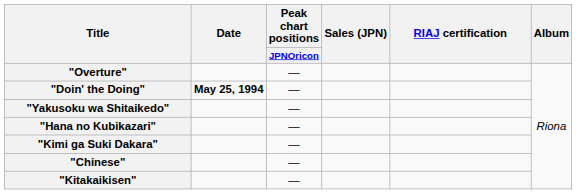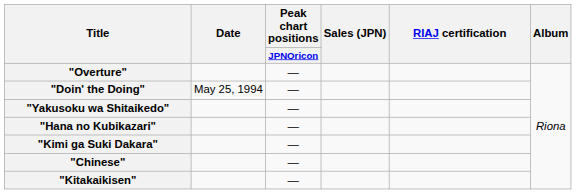 <table class="wikitable plainrowheaders" style="text-align:center;">
 <tr>
 <th rowspan="2" scope="col" style="width:16em;">Title</th>
 <th rowspan="2" scope="col">Date</th>
 <th colspan="1" scope="col">Peak chart positions</th>
 <th rowspan="2" scope="col">Sales (JPN)</th>
 <th rowspan="2" scope="col" style="width:12em;"><a href='#'>RIAJ</a> certification</th>
 <th rowspan="2" scope="col">Album</th>
 </tr>
 <tr>
 <th style="width:3em;font-size:85%"><a href='#'>JPNOricon</a></th>
 </tr>
 <tr>
 <th align="left" scope="row">"Overture"</th>
 <td></td>
 <td>—</td>
 <td></td>
 <td></td>
 <td rowspan="7"><em>Riona</em></td>
 </tr>
 <tr>
 <th align="left" scope="row">"Doin' the Doing"</th>
-<td><strong>May 25, 1994</strong></td>
+<td>May 25, 1994</td>
 <td>—</td>
 <td></td>
 <td></td>
 </tr>
 <tr>
 <th align="left" scope="row">"Yakusoku wa Shitaikedo"</th>
 <td></td>
 <td>—</td>
 <td></td>
 <td></td>
 </tr>
 <tr>
 <th align="left" scope="row">"Hana no Kubikazari"</th>
 <td></td>
 <td>—</td>
 <td></td>
 <td></td>
 </tr>
 <tr>
 <th align="left" scope="row">"Kimi ga Suki Dakara"</th>
 <td></td>
 <td>—</td>
 <td></td>
 <td></td>
 </tr>
 <tr>
 <th align="left" scope="row">"Chinese"</th>
 <td></td>
 <td>—</td>
 <td></td>
 <td></td>
 </tr>
 <tr>
 <th align="left" scope="row">"Kitakaikisen"</th>
 <td></td>
 <td>—</td>
 <td></td>
 <td></td>
 </tr>
 </table>
